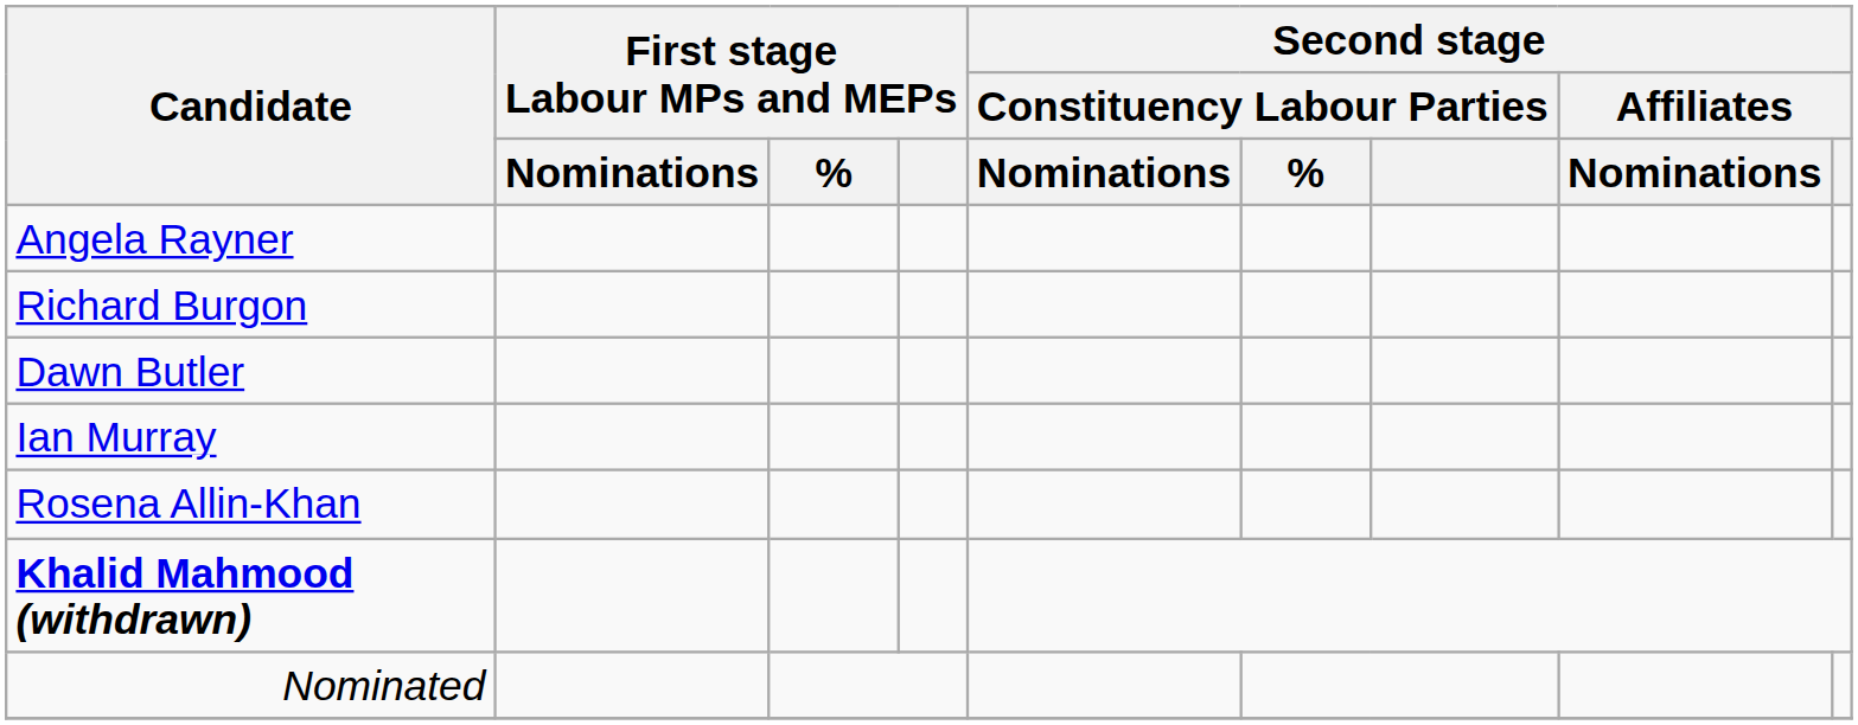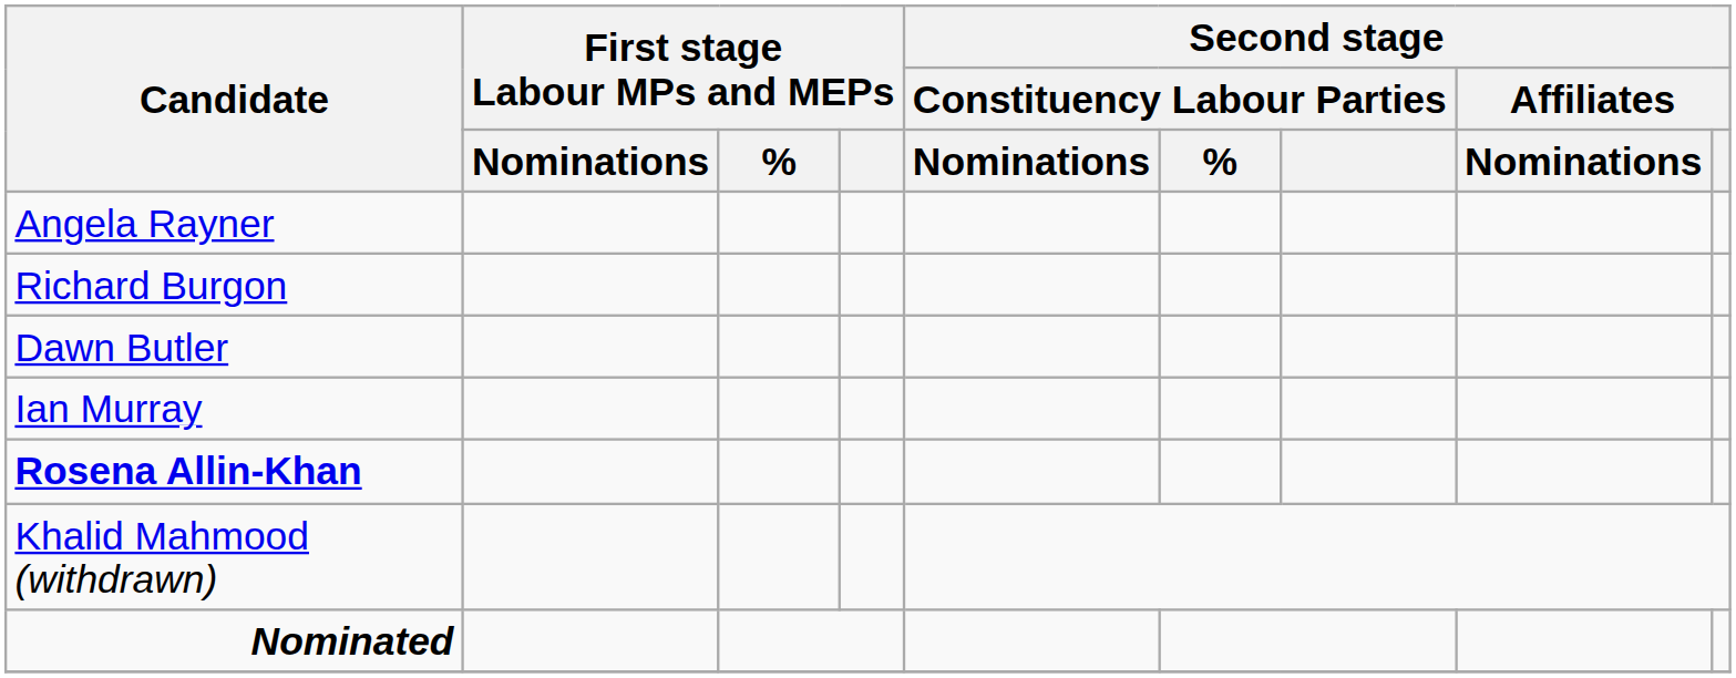 <table class="wikitable" style="font-size:95%; text-align:right">
 <tr>
 <th scope="col" rowspan="3">Candidate</th>
 <th scope="col" colspan="3" rowspan=2>First stage<br>Labour MPs and MEPs</th>
 <th scope="col" colspan="5">Second stage</th>
 </tr>
 <tr>
 <th scope="col" colspan="3">Constituency Labour Parties</th>
 <th scope="col" colspan="2">Affiliates</th>
 </tr>
 <tr>
 <th style="width: 50px">Nominations</th>
 <th style="width: 40px">%</th>
 <th></th>
 <th style="width: 50px">Nominations</th>
 <th style="width: 40px">%</th>
 <th></th>
 <th style="width: 50px">Nominations</th>
 <th></th>
 </tr>
 <tr>
 <td style="width: 170px; text-align:left"><a href='#'>Angela Rayner</a></td>
 <td></td>
 <td></td>
 <td></td>
 <td></td>
 <td></td>
 <td></td>
 <td></td>
 <td></td>
 </tr>
 <tr>
 <td style="width: 170px; text-align:left"><a href='#'>Richard Burgon</a></td>
 <td></td>
 <td></td>
 <td></td>
 <td></td>
 <td></td>
 <td></td>
 <td></td>
 <td></td>
 </tr>
 <tr>
 <td style="width: 170px; text-align:left"><a href='#'>Dawn Butler</a></td>
 <td></td>
 <td></td>
 <td></td>
 <td></td>
 <td></td>
 <td></td>
 <td></td>
 <td></td>
 </tr>
 <tr>
 <td style="width: 170px; text-align:left"><a href='#'>Ian Murray</a></td>
 <td></td>
 <td></td>
 <td></td>
 <td></td>
 <td></td>
 <td></td>
 <td></td>
 <td></td>
 </tr>
 <tr>
-<td style="width: 170px; text-align:left"><a href='#'>Rosena Allin-Khan</a></td>
+<td style="width: 170px; text-align:left"><strong><a href='#'>Rosena Allin-Khan</a></strong></td>
 <td></td>
 <td></td>
 <td></td>
 <td></td>
 <td></td>
 <td></td>
 <td></td>
 <td></td>
 </tr>
 <tr>
-<td style="width: 170px; text-align:left"><strong><a href='#'>Khalid Mahmood</a> <em>(withdrawn)</em></strong></td>
+<td style="width: 170px; text-align:left"><a href='#'>Khalid Mahmood</a> <em>(withdrawn)</em></td>
 <td></td>
 <td></td>
 <td></td>
 <td colspan=6 ></td>
 </tr>
 <tr>
-<td style="text-align:right;"><em>Nominated</em></td>
+<td style="text-align:right;"><strong><em>Nominated</em></strong></td>
 <td></td>
 <td colspan=2></td>
 <td></td>
 <td colspan=2></td>
 <td></td>
 <td colspan=2></td>
 </tr>
 <tr>
 </tr>
 </table>
